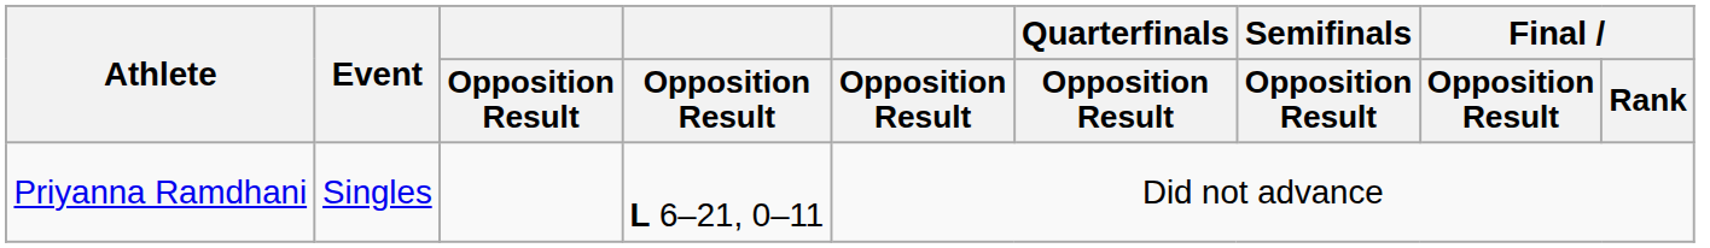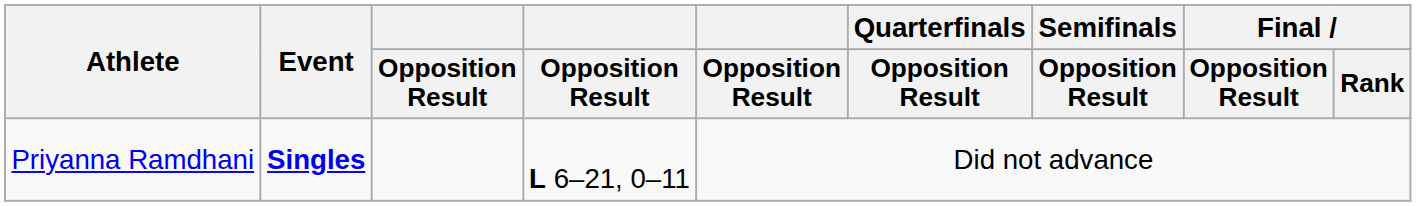 <table class=wikitable style=font-size:90%;text-align:center>
 <tr>
 <th rowspan=2>Athlete</th>
 <th rowspan=2>Event</th>
 <th></th>
 <th></th>
 <th></th>
 <th>Quarterfinals</th>
 <th>Semifinals</th>
 <th colspan=2>Final / </th>
 </tr>
 <tr style=font-size:95%>
 <th>Opposition<br>Result</th>
 <th>Opposition<br>Result</th>
 <th>Opposition<br>Result</th>
 <th>Opposition<br>Result</th>
 <th>Opposition<br>Result</th>
 <th>Opposition<br>Result</th>
 <th>Rank</th>
 </tr>
 <tr>
 <td align=left><a href='#'>Priyanna Ramdhani</a></td>
-<td align=left><a href='#'>Singles</a></td>
+<td align=left><strong><a href='#'>Singles</a></strong></td>
 <td></td>
 <td><br><strong>L</strong> 6–21, 0–11<sup></sup></td>
 <td colspan=5>Did not advance</td>
 </tr>
 </table>
